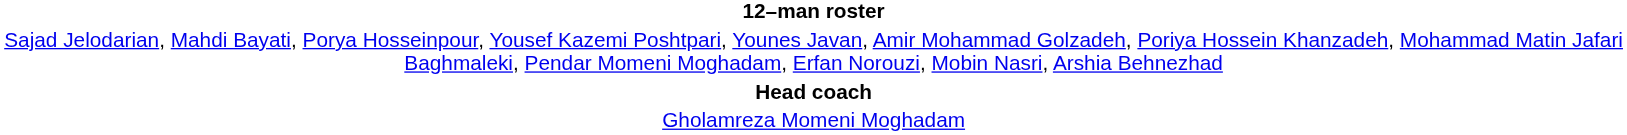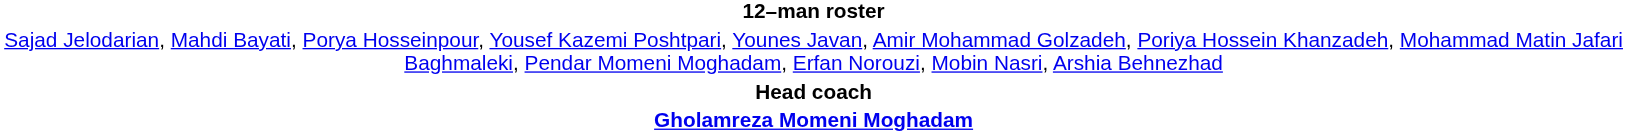 <table style="text-align:center; margin-top:2em; margin-left:auto; margin-right:auto">
 <tr>
 <td><strong>12–man roster</strong></td>
 </tr>
 <tr>
 <td><a href='#'>Sajad Jelodarian</a>, <a href='#'>Mahdi Bayati</a>, <a href='#'>Porya Hosseinpour</a>, <a href='#'>Yousef Kazemi Poshtpari</a>, <a href='#'>Younes Javan</a>, <a href='#'>Amir Mohammad Golzadeh</a>, <a href='#'>Poriya Hossein Khanzadeh</a>, <a href='#'>Mohammad Matin Jafari Baghmaleki</a>, <a href='#'>Pendar Momeni Moghadam</a>, <a href='#'>Erfan Norouzi</a>, <a href='#'>Mobin Nasri</a>, <a href='#'>Arshia Behnezhad</a></td>
 </tr>
 <tr>
 <td><strong>Head coach</strong></td>
 </tr>
 <tr>
-<td><a href='#'>Gholamreza Momeni Moghadam</a></td>
+<td><strong><a href='#'>Gholamreza Momeni Moghadam</a></strong></td>
 </tr>
 </table>
